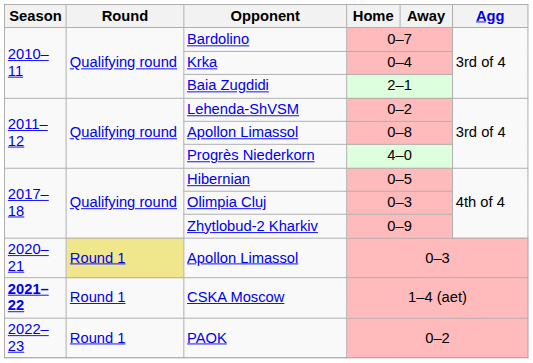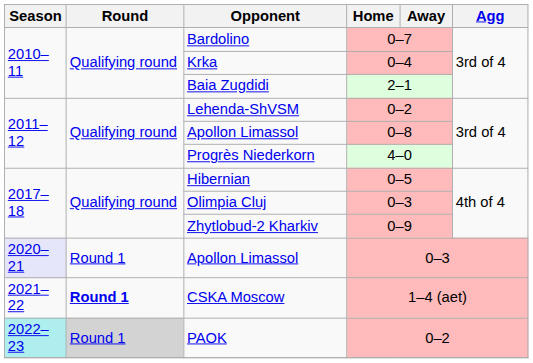 <table class="wikitable">
 <tr>
 <th width="60">Season</th>
 <th width="120">Round</th>
 <th width="170">Opponent</th>
 <th width="50">Home</th>
 <th width="50">Away</th>
 <th width="75"><a href='#'>Agg</a></th>
 </tr>
 <tr>
 <td rowspan=3><a href='#'>2010–11</a></td>
 <td rowspan="3"><a href='#'>Qualifying round</a></td>
 <td> <a href='#'>Bardolino</a></td>
 <td colspan="2" bgcolor="#ffbbbb" style="text-align:center;">0–7</td>
 <td rowspan="3">3rd of 4</td>
 </tr>
 <tr>
 <td> <a href='#'>Krka</a></td>
 <td colspan="2" bgcolor="#ffbbbb" style="text-align:center;">0–4</td>
 </tr>
 <tr>
 <td> <a href='#'>Baia Zugdidi</a></td>
 <td colspan="2" bgcolor="#ddffdd" style="text-align:center;">2–1</td>
 </tr>
 <tr>
 <td rowspan=3><a href='#'>2011–12</a></td>
 <td rowspan="3"><a href='#'>Qualifying round</a></td>
 <td> <a href='#'>Lehenda-ShVSM</a></td>
 <td colspan="2" bgcolor="#ffbbbb" style="text-align:center;">0–2</td>
 <td rowspan="3">3rd of 4</td>
 </tr>
 <tr>
 <td> <a href='#'>Apollon Limassol</a></td>
 <td colspan="2" bgcolor="#ffbbbb" style="text-align:center;">0–8</td>
 </tr>
 <tr>
 <td> <a href='#'>Progrès Niederkorn</a></td>
 <td colspan="2" bgcolor="#ddffdd" style="text-align:center;">4–0</td>
 </tr>
 <tr>
 <td rowspan=3><a href='#'>2017–18</a></td>
 <td rowspan="3"><a href='#'>Qualifying round</a></td>
 <td> <a href='#'>Hibernian</a></td>
 <td colspan="2" bgcolor="#ffbbbb" style="text-align:center;">0–5</td>
 <td rowspan="3">4th of 4</td>
 </tr>
 <tr>
 <td> <a href='#'>Olimpia Cluj</a></td>
 <td colspan="2" bgcolor="#ffbbbb" style="text-align:center;">0–3</td>
 </tr>
 <tr>
 <td> <a href='#'>Zhytlobud-2 Kharkiv</a></td>
 <td colspan="2" bgcolor="#ffbbbb" style="text-align:center;">0–9</td>
 </tr>
 <tr>
-<td><a href='#'>2020–21</a></td>
-<td style="background: khaki;"><a href='#'>Round 1</a></td>
+<td style="background: lavender;"><a href='#'>2020–21</a></td>
+<td><a href='#'>Round 1</a></td>
 <td> <a href='#'>Apollon Limassol</a></td>
 <td colspan="3" bgcolor="#ffbbbb" style="text-align:center;">0–3</td>
 </tr>
 <tr>
-<td><strong><a href='#'>2021–22</a></strong></td>
-<td><a href='#'>Round 1</a></td>
+<td><a href='#'>2021–22</a></td>
+<td><strong><a href='#'>Round 1</a></strong></td>
 <td> <a href='#'>CSKA Moscow</a></td>
 <td colspan="3" bgcolor="#ffbbbb" style="text-align:center;">1–4 (aet)</td>
 </tr>
 <tr>
-<td><a href='#'>2022–23</a></td>
-<td><a href='#'>Round 1</a></td>
+<td style="background: paleturquoise;"><a href='#'>2022–23</a></td>
+<td style="background: lightgrey;"><a href='#'>Round 1</a></td>
 <td> <a href='#'>PAOK</a></td>
 <td colspan="3" bgcolor="#ffbbbb" style="text-align:center;">0–2</td>
 </tr>
 <tr>
 </tr>
 </table>
